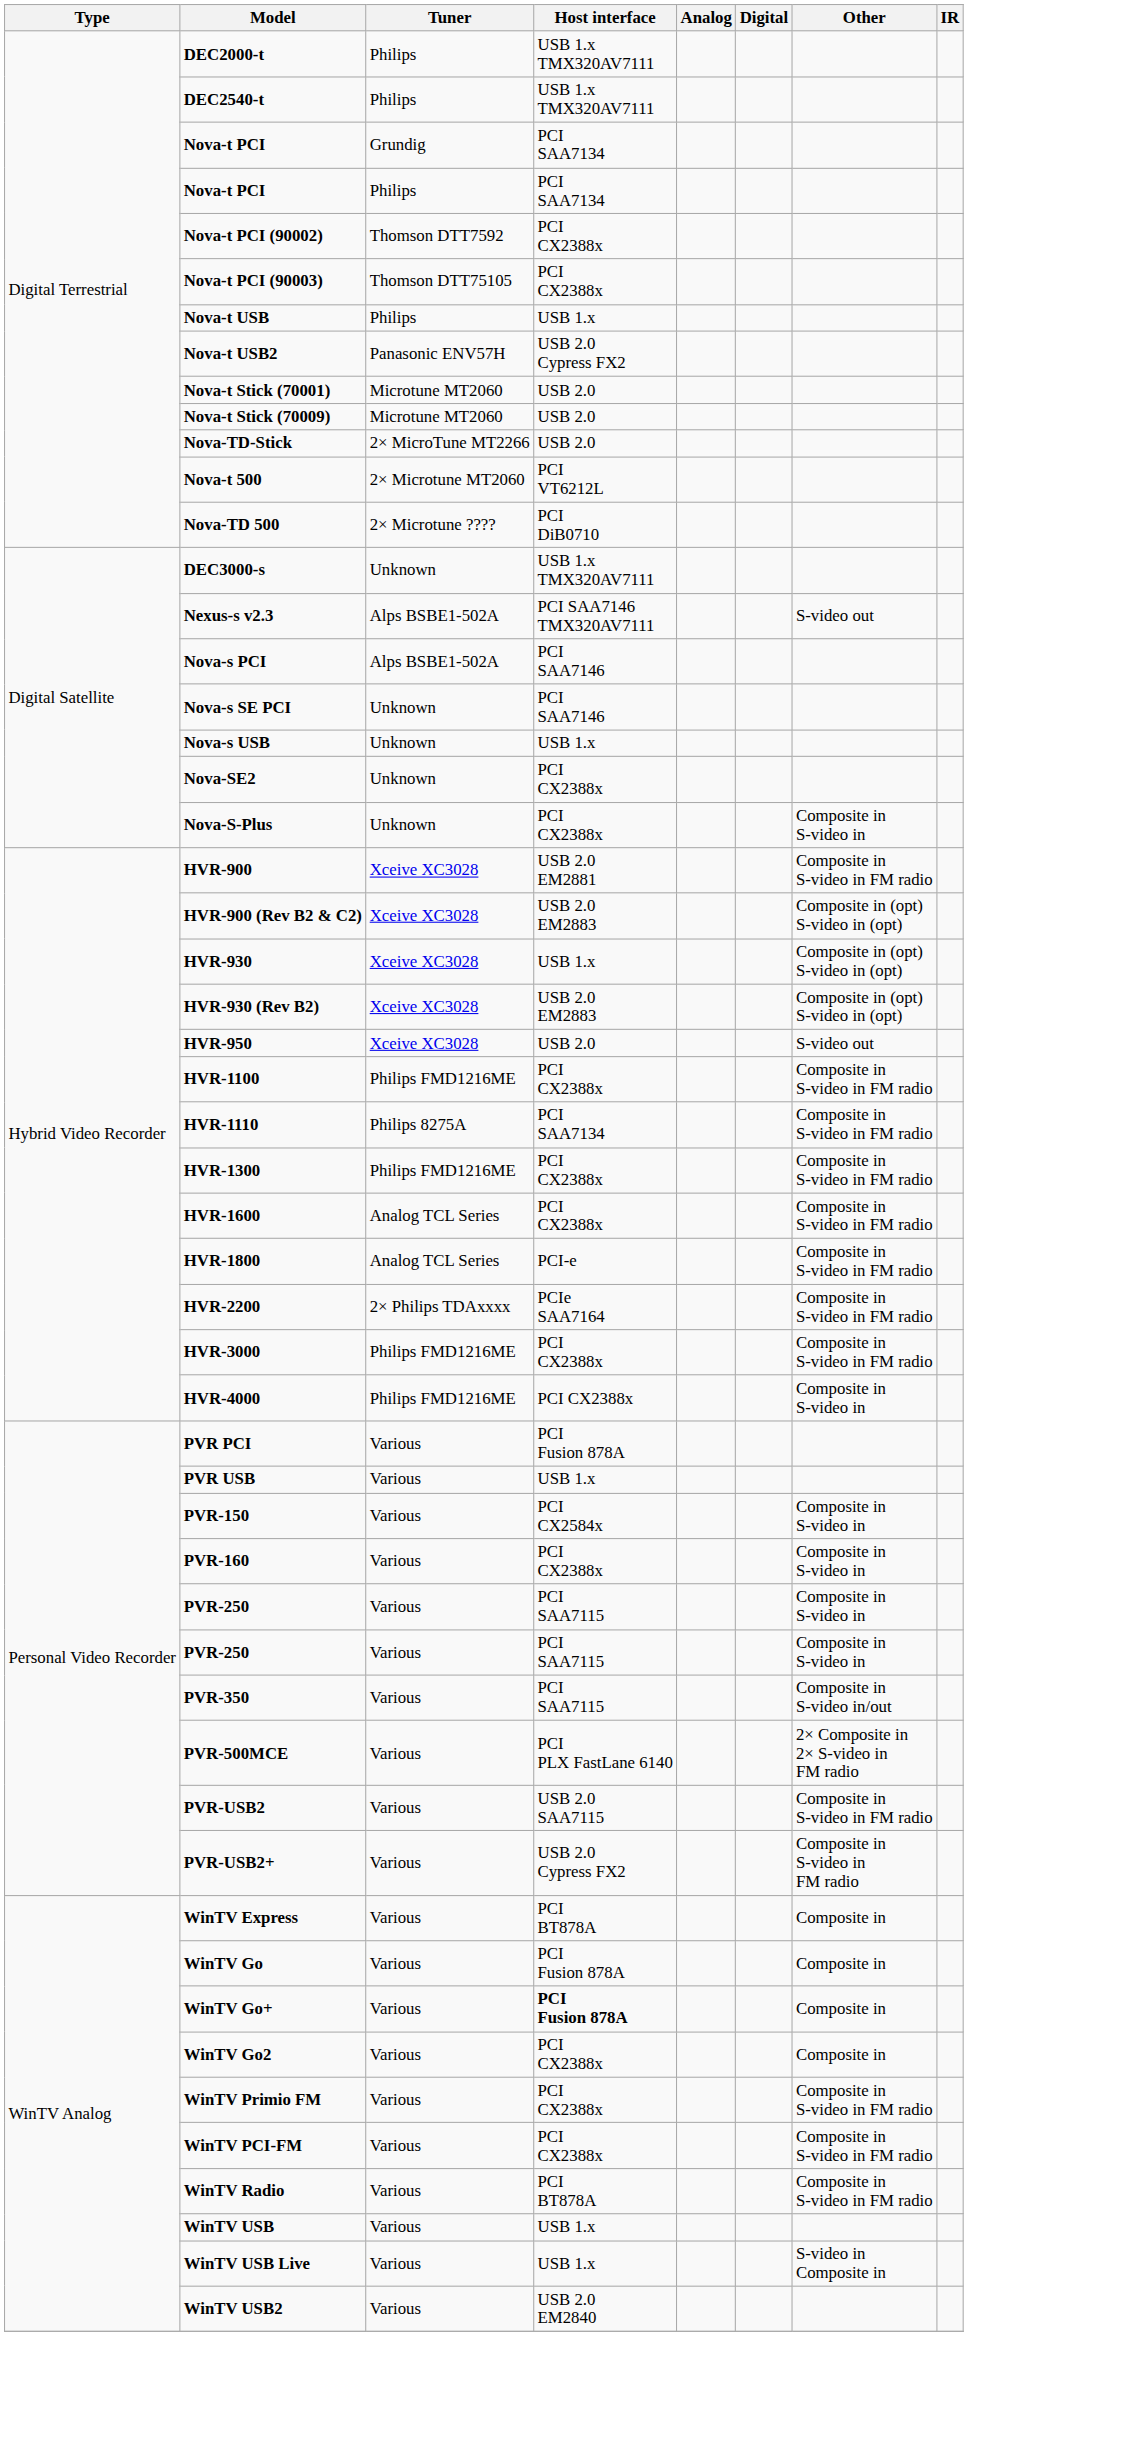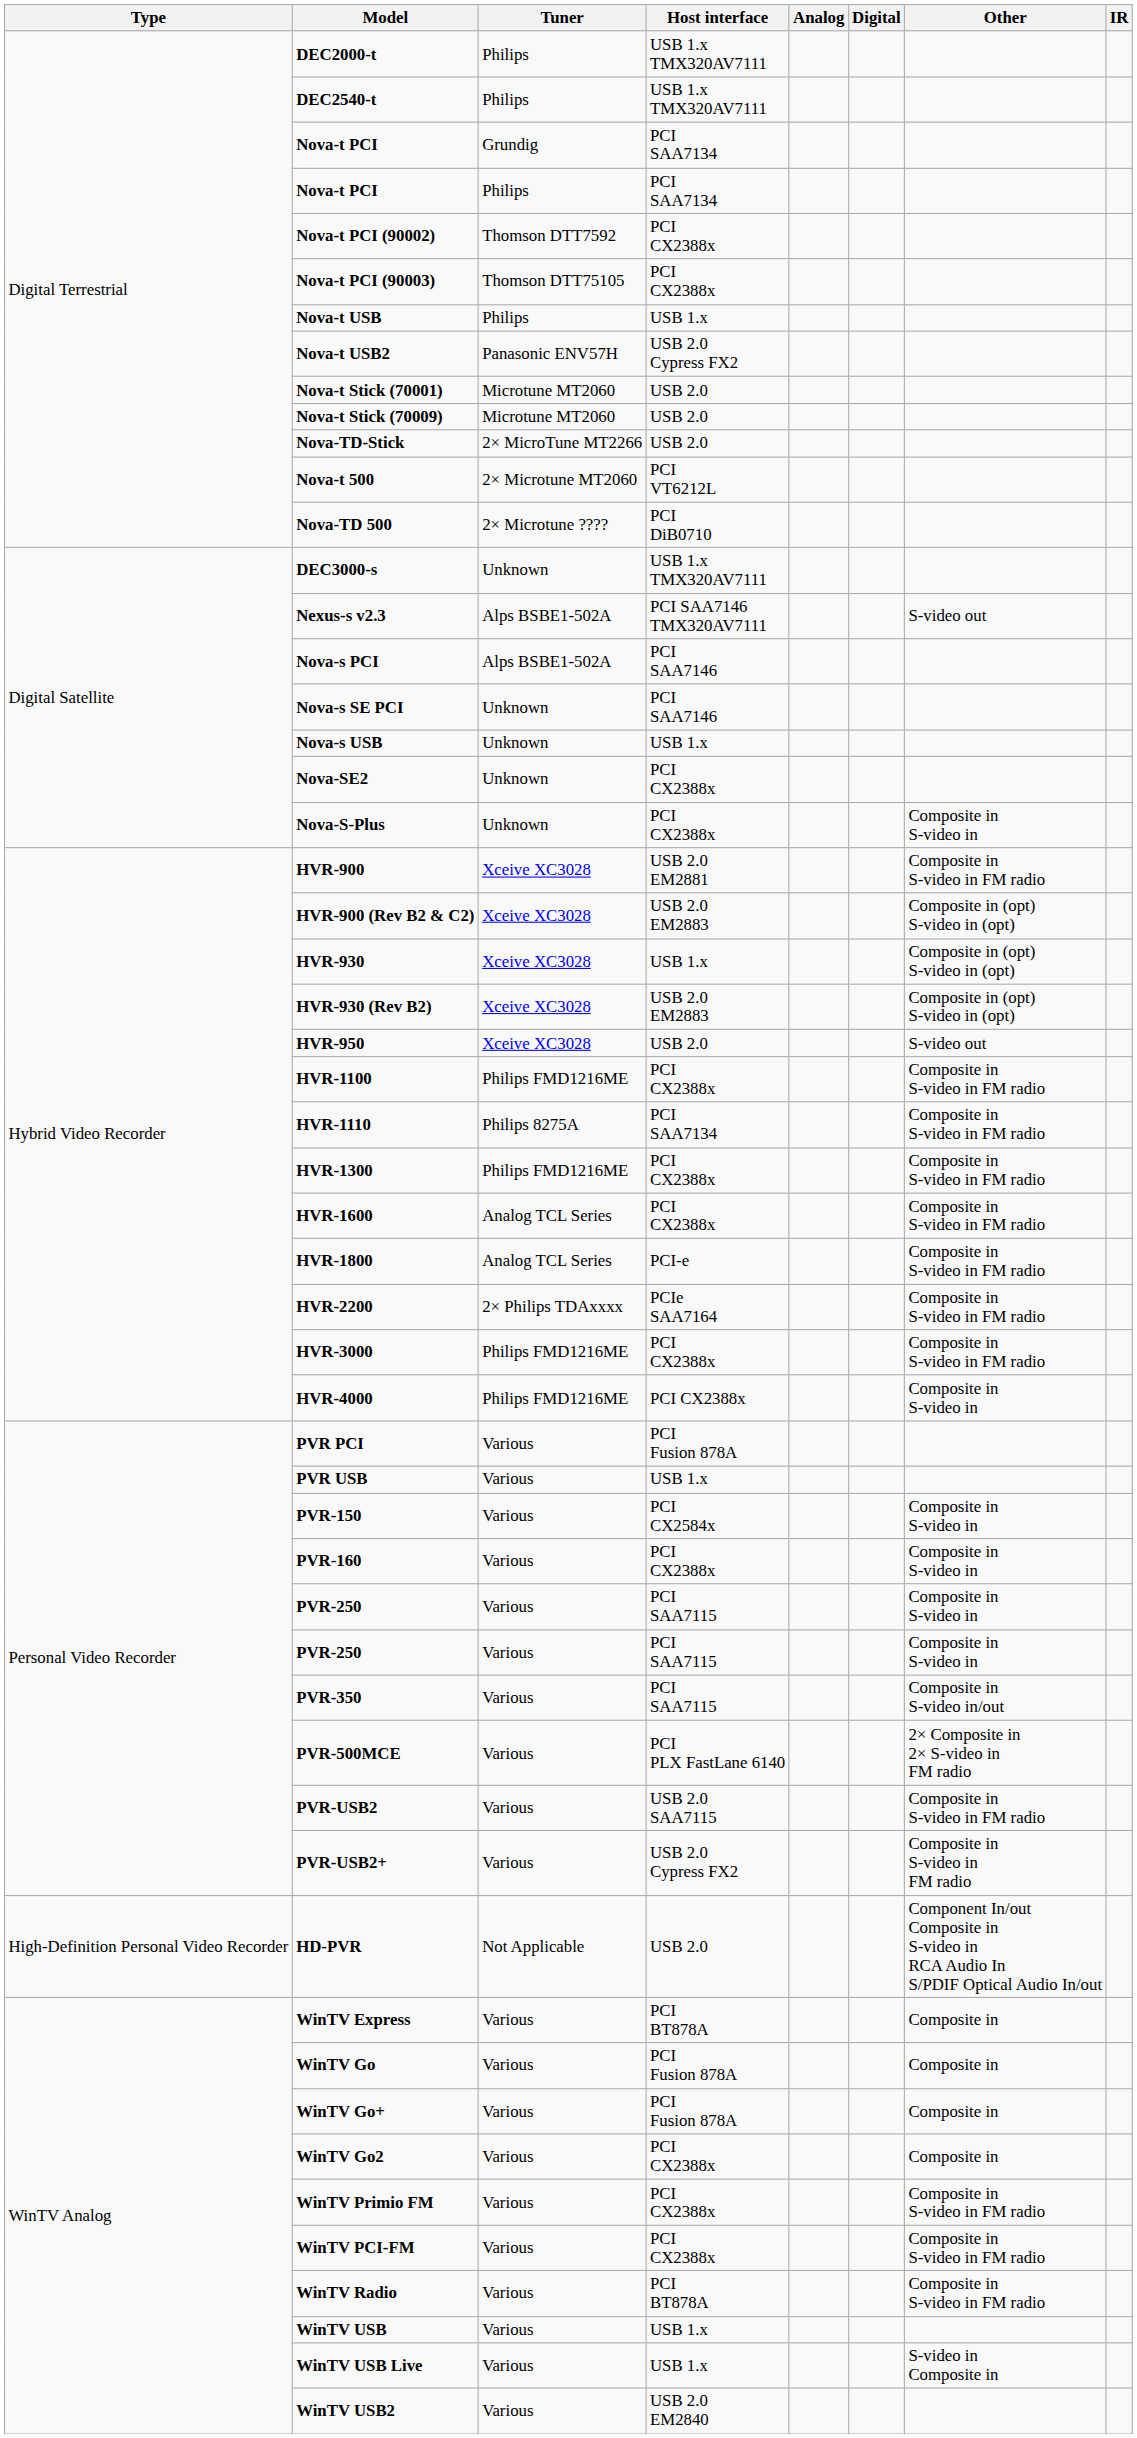 <table class="wikitable">
 <tr>
 <th>Type</th>
 <th>Model</th>
 <th>Tuner</th>
 <th>Host interface</th>
 <th>Analog</th>
 <th>Digital</th>
 <th>Other</th>
 <th>IR</th>
 </tr>
 <tr --->
 <td rowspan="13">Digital Terrestrial</td>
 <td><strong>DEC2000-t</strong></td>
 <td>Philips</td>
 <td>USB 1.x<br>TMX320AV7111</td>
 <td></td>
 <td></td>
 <td></td>
 <td></td>
 </tr>
 <tr --->
 <td><strong>DEC2540-t</strong></td>
 <td>Philips</td>
 <td>USB 1.x<br>TMX320AV7111</td>
 <td></td>
 <td></td>
 <td></td>
 <td></td>
 </tr>
 <tr --->
 <td><strong>Nova-t PCI</strong></td>
 <td>Grundig</td>
 <td>PCI<br>SAA7134</td>
 <td></td>
 <td></td>
 <td></td>
 <td></td>
 </tr>
 <tr --->
 <td><strong>Nova-t PCI</strong></td>
 <td>Philips</td>
 <td>PCI<br>SAA7134</td>
 <td></td>
 <td></td>
 <td></td>
 <td></td>
 </tr>
 <tr --->
 <td><strong>Nova-t PCI (90002)</strong></td>
 <td>Thomson DTT7592</td>
 <td>PCI<br>CX2388x</td>
 <td></td>
 <td></td>
 <td></td>
 <td></td>
 </tr>
 <tr --->
 <td><strong>Nova-t PCI (90003)</strong></td>
 <td>Thomson DTT75105</td>
 <td>PCI<br>CX2388x</td>
 <td></td>
 <td></td>
 <td></td>
 <td></td>
 </tr>
 <tr --->
 <td><strong>Nova-t USB</strong></td>
 <td>Philips</td>
 <td>USB 1.x</td>
 <td></td>
 <td></td>
 <td></td>
 <td></td>
 </tr>
 <tr --->
 <td><strong>Nova-t USB2</strong></td>
 <td>Panasonic ENV57H</td>
 <td>USB 2.0<br>Cypress FX2</td>
 <td></td>
 <td></td>
 <td></td>
 <td></td>
 </tr>
 <tr --->
 <td><strong>Nova-t Stick (70001)</strong></td>
 <td>Microtune MT2060</td>
 <td>USB 2.0</td>
 <td></td>
 <td></td>
 <td></td>
 <td></td>
 </tr>
 <tr --->
 <td><strong>Nova-t Stick (70009)</strong></td>
 <td>Microtune MT2060</td>
 <td>USB 2.0</td>
 <td></td>
 <td></td>
 <td></td>
 <td></td>
 </tr>
 <tr --->
 <td><strong>Nova-TD-Stick</strong></td>
 <td>2× MicroTune MT2266</td>
 <td>USB 2.0</td>
 <td></td>
 <td></td>
 <td></td>
 <td></td>
 </tr>
 <tr --->
 <td><strong>Nova-t 500</strong></td>
 <td>2× Microtune MT2060</td>
 <td>PCI<br>VT6212L</td>
 <td></td>
 <td></td>
 <td></td>
 <td></td>
 </tr>
 <tr --->
 <td><strong>Nova-TD 500</strong></td>
 <td>2× Microtune ????</td>
 <td>PCI<br>DiB0710</td>
 <td></td>
 <td></td>
 <td></td>
 <td></td>
 </tr>
 <tr --->
 <td rowspan="7">Digital Satellite</td>
 <td><strong>DEC3000-s</strong></td>
 <td>Unknown</td>
 <td>USB 1.x<br>TMX320AV7111</td>
 <td></td>
 <td></td>
 <td></td>
 <td></td>
 </tr>
 <tr --->
 <td><strong>Nexus-s v2.3</strong></td>
 <td>Alps BSBE1-502A</td>
 <td>PCI SAA7146<br>TMX320AV7111</td>
 <td></td>
 <td></td>
 <td>S-video out</td>
 <td></td>
 </tr>
 <tr --->
 <td><strong>Nova-s PCI</strong></td>
 <td>Alps BSBE1-502A</td>
 <td>PCI<br>SAA7146</td>
 <td></td>
 <td></td>
 <td></td>
 <td></td>
 </tr>
 <tr --->
 <td><strong>Nova-s SE PCI</strong></td>
 <td>Unknown</td>
 <td>PCI<br>SAA7146</td>
 <td></td>
 <td></td>
 <td></td>
 <td></td>
 </tr>
 <tr --->
 <td><strong>Nova-s USB</strong></td>
 <td>Unknown</td>
 <td>USB 1.x</td>
 <td></td>
 <td></td>
 <td></td>
 <td></td>
 </tr>
 <tr --->
 <td><strong>Nova-SE2</strong></td>
 <td>Unknown</td>
 <td>PCI<br>CX2388x</td>
 <td></td>
 <td></td>
 <td></td>
 <td></td>
 </tr>
 <tr --->
 <td><strong>Nova-S-Plus</strong></td>
 <td>Unknown</td>
 <td>PCI<br>CX2388x</td>
 <td></td>
 <td></td>
 <td>Composite in<br>S-video in</td>
 <td></td>
 </tr>
 <tr --->
 <td rowspan="13">Hybrid Video Recorder</td>
 <td><strong>HVR-900</strong></td>
 <td><a href='#'>Xceive XC3028</a></td>
 <td>USB 2.0<br>EM2881</td>
 <td></td>
 <td></td>
 <td>Composite in<br>S-video in FM radio</td>
 <td></td>
 </tr>
 <tr --->
 <td><strong>HVR-900 (Rev B2 & C2)</strong></td>
 <td><a href='#'>Xceive XC3028</a></td>
 <td>USB 2.0<br>EM2883</td>
 <td></td>
 <td></td>
 <td>Composite in (opt)<br>S-video in (opt)</td>
 <td></td>
 </tr>
 <tr --->
 <td><strong>HVR-930</strong></td>
 <td><a href='#'>Xceive XC3028</a></td>
 <td>USB 1.x</td>
 <td></td>
 <td></td>
 <td>Composite in (opt)<br>S-video in (opt)</td>
 <td></td>
 </tr>
 <tr --->
 <td><strong>HVR-930 (Rev B2)</strong></td>
 <td><a href='#'>Xceive XC3028</a></td>
 <td>USB 2.0<br>EM2883</td>
 <td></td>
 <td></td>
 <td>Composite in (opt)<br>S-video in (opt)</td>
 <td></td>
 </tr>
 <tr --->
 <td><strong>HVR-950</strong></td>
 <td><a href='#'>Xceive XC3028</a></td>
 <td>USB 2.0</td>
 <td></td>
 <td></td>
 <td>S-video out</td>
 <td></td>
 </tr>
 <tr --->
 <td><strong>HVR-1100</strong></td>
 <td>Philips FMD1216ME</td>
 <td>PCI<br>CX2388x</td>
 <td></td>
 <td></td>
 <td>Composite in<br>S-video in FM radio</td>
 <td></td>
 </tr>
 <tr --->
 <td><strong>HVR-1110</strong></td>
 <td>Philips 8275A</td>
 <td>PCI<br>SAA7134</td>
 <td></td>
 <td></td>
 <td>Composite in<br>S-video in FM radio</td>
 <td></td>
 </tr>
 <tr --->
 <td><strong>HVR-1300</strong></td>
 <td>Philips FMD1216ME</td>
 <td>PCI<br>CX2388x</td>
 <td></td>
 <td></td>
 <td>Composite in<br>S-video in FM radio</td>
 <td></td>
 </tr>
 <tr --->
 <td><strong>HVR-1600</strong></td>
 <td>Analog TCL Series</td>
 <td>PCI<br>CX2388x</td>
 <td></td>
 <td></td>
 <td>Composite in<br>S-video in FM radio</td>
 <td></td>
 </tr>
 <tr --->
 <td><strong>HVR-1800</strong></td>
 <td>Analog TCL Series</td>
 <td>PCI-e</td>
 <td></td>
 <td></td>
 <td>Composite in<br>S-video in FM radio</td>
 <td></td>
 </tr>
 <tr --->
 <td><strong>HVR-2200</strong></td>
 <td>2× Philips TDAxxxx</td>
 <td>PCIe<br>SAA7164</td>
 <td></td>
 <td></td>
 <td>Composite in<br>S-video in FM radio</td>
 <td></td>
 </tr>
 <tr --->
 <td><strong>HVR-3000</strong></td>
 <td>Philips FMD1216ME</td>
 <td>PCI<br>CX2388x</td>
 <td></td>
 <td></td>
 <td>Composite in<br>S-video in FM radio</td>
 <td></td>
 </tr>
 <tr --->
 <td><strong>HVR-4000</strong></td>
 <td>Philips FMD1216ME</td>
 <td>PCI CX2388x</td>
 <td></td>
 <td></td>
 <td>Composite in<br>S-video in</td>
 <td></td>
 </tr>
 <tr --->
 <td rowspan="10">Personal Video Recorder</td>
 <td><strong>PVR PCI</strong></td>
 <td>Various</td>
 <td>PCI<br>Fusion 878A</td>
 <td></td>
 <td></td>
 <td></td>
 <td></td>
 </tr>
 <tr --->
 <td><strong>PVR USB</strong></td>
 <td>Various</td>
 <td>USB 1.x</td>
 <td></td>
 <td></td>
 <td></td>
 <td></td>
 </tr>
 <tr --->
 <td><strong>PVR-150</strong></td>
 <td>Various</td>
 <td>PCI<br>CX2584x</td>
 <td></td>
 <td></td>
 <td>Composite in<br>S-video in</td>
 <td></td>
 </tr>
 <tr --->
 <td><strong>PVR-160</strong></td>
 <td>Various</td>
 <td>PCI<br>CX2388x</td>
 <td></td>
 <td></td>
 <td>Composite in<br>S-video in</td>
 <td></td>
 </tr>
 <tr --->
 <td><strong>PVR-250</strong></td>
 <td>Various</td>
 <td>PCI<br>SAA7115</td>
 <td></td>
 <td></td>
 <td>Composite in<br>S-video in</td>
 <td></td>
 </tr>
 <tr --->
 <td><strong>PVR-250</strong></td>
 <td>Various</td>
 <td>PCI<br>SAA7115</td>
 <td></td>
 <td></td>
 <td>Composite in<br>S-video in</td>
 <td></td>
 </tr>
 <tr --->
 <td><strong>PVR-350</strong></td>
 <td>Various</td>
 <td>PCI<br>SAA7115</td>
 <td></td>
 <td></td>
 <td>Composite in<br>S-video in/out</td>
 <td></td>
 </tr>
 <tr --->
 <td><strong>PVR-500MCE</strong></td>
 <td>Various</td>
 <td>PCI<br>PLX FastLane 6140</td>
 <td></td>
 <td></td>
 <td>2× Composite in<br>2× S-video in<br> FM radio</td>
 <td></td>
 </tr>
 <tr --->
 <td><strong>PVR-USB2</strong></td>
 <td>Various</td>
 <td>USB 2.0<br>SAA7115</td>
 <td></td>
 <td></td>
 <td>Composite in<br>S-video in FM radio</td>
 <td></td>
 </tr>
 <tr --->
 <td><strong>PVR-USB2+</strong></td>
 <td>Various</td>
 <td>USB 2.0<br>Cypress FX2</td>
 <td></td>
 <td></td>
 <td>Composite in<br>S-video in<br> FM radio</td>
 <td></td>
 </tr>
 <tr --->
+<td>High-Definition Personal Video Recorder</td>
+<td><strong>HD-PVR</strong></td>
+<td>Not Applicable</td>
+<td>USB 2.0</td>
+<td></td>
+<td></td>
+<td>Component In/out<br>Composite in<br> S-video in<br> RCA Audio In<br> S/PDIF Optical Audio In/out</td>
+<td></td>
+</tr>
+<tr --->
 <td rowspan="10">WinTV Analog</td>
 <td><strong>WinTV Express</strong></td>
 <td>Various</td>
 <td>PCI<br>BT878A</td>
 <td></td>
 <td></td>
 <td>Composite in</td>
 <td></td>
 </tr>
 <tr --->
 <td><strong>WinTV Go</strong></td>
 <td>Various</td>
 <td>PCI<br>Fusion 878A</td>
 <td></td>
 <td></td>
 <td>Composite in</td>
 <td></td>
 </tr>
 <tr --->
 <td><strong>WinTV Go+</strong></td>
 <td>Various</td>
-<td><strong>PCI<br>Fusion 878A</strong></td>
+<td>PCI<br>Fusion 878A</td>
 <td></td>
 <td></td>
 <td>Composite in</td>
 <td></td>
 </tr>
 <tr --->
 <td><strong>WinTV Go2</strong></td>
 <td>Various</td>
 <td>PCI<br>CX2388x</td>
 <td></td>
 <td></td>
 <td>Composite in</td>
 <td></td>
 </tr>
 <tr --->
 <td><strong>WinTV Primio FM</strong></td>
 <td>Various</td>
 <td>PCI<br>CX2388x</td>
 <td></td>
 <td></td>
 <td>Composite in<br>S-video in FM radio</td>
 <td></td>
 </tr>
 <tr --->
 <td><strong>WinTV PCI-FM</strong></td>
 <td>Various</td>
 <td>PCI<br>CX2388x</td>
 <td></td>
 <td></td>
 <td>Composite in<br>S-video in FM radio</td>
 <td></td>
 </tr>
 <tr --->
 <td><strong>WinTV Radio</strong></td>
 <td>Various</td>
 <td>PCI<br>BT878A</td>
 <td></td>
 <td></td>
 <td>Composite in<br>S-video in FM radio</td>
 <td></td>
 </tr>
 <tr --->
 <td><strong>WinTV USB</strong></td>
 <td>Various</td>
 <td>USB 1.x</td>
 <td></td>
 <td></td>
 <td></td>
 <td></td>
 </tr>
 <tr --->
 <td><strong>WinTV USB Live</strong></td>
 <td>Various</td>
 <td>USB 1.x</td>
 <td></td>
 <td></td>
 <td>S-video in<br>Composite in</td>
 <td></td>
 </tr>
 <tr --->
 <td><strong>WinTV USB2</strong></td>
 <td>Various</td>
 <td>USB 2.0<br>EM2840</td>
 <td></td>
 <td></td>
 <td></td>
 <td></td>
 </tr>
 <tr --->
 </tr>
 </table>
